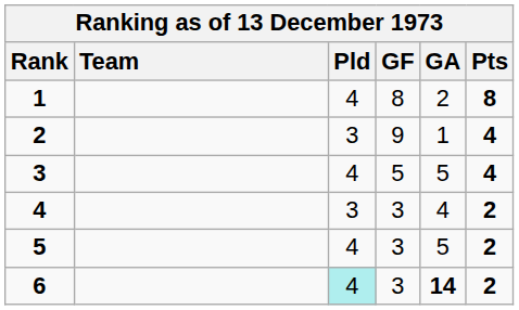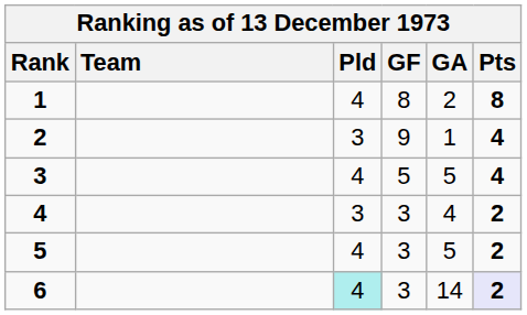 <table class="wikitable" style="text-align: center;">
 <tr>
 <th colspan=6>Ranking as of 13 December 1973</th>
 </tr>
 <tr>
 <th width=30>Rank</th>
 <th width=165 style="text-align:left;">Team</th>
 <th width=20>Pld</th>
 <th width=20>GF</th>
 <th width=20>GA</th>
 <th width=20>Pts</th>
 </tr>
 <tr>
 <td><strong>1</strong></td>
 <td style="text-align:left;"></td>
 <td>4</td>
 <td>8</td>
 <td>2</td>
 <td><strong>8</strong></td>
 </tr>
 <tr>
 <td><strong>2</strong></td>
 <td style="text-align:left;"></td>
 <td>3</td>
 <td>9</td>
 <td>1</td>
 <td><strong>4</strong></td>
 </tr>
 <tr>
 <td><strong>3</strong></td>
 <td style="text-align:left;"></td>
 <td>4</td>
 <td>5</td>
 <td>5</td>
 <td><strong>4</strong></td>
 </tr>
 <tr>
 <td><strong>4</strong></td>
 <td style="text-align:left;"></td>
 <td>3</td>
 <td>3</td>
 <td>4</td>
 <td><strong>2</strong></td>
 </tr>
 <tr>
 <td><strong>5</strong></td>
 <td style="text-align:left;"></td>
 <td>4</td>
 <td>3</td>
 <td>5</td>
 <td><strong>2</strong></td>
 </tr>
 <tr>
 <td><strong>6</strong></td>
 <td style="text-align:left;"></td>
 <td style="background: paleturquoise;">4</td>
 <td>3</td>
-<td><strong>14</strong></td>
-<td><strong>2</strong></td>
+<td>14</td>
+<td style="background: lavender;"><strong>2</strong></td>
 </tr>
 </table>
